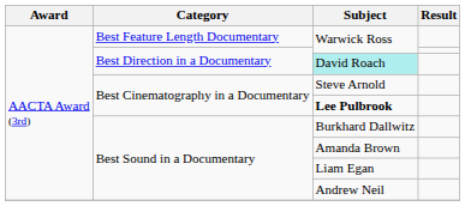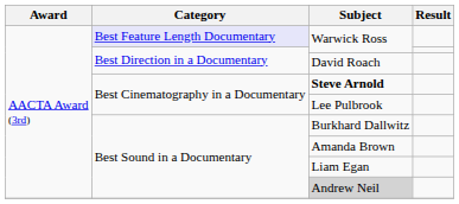 <table class="wikitable">
 <tr>
 <th>Award</th>
 <th>Category</th>
 <th>Subject</th>
 <th>Result</th>
 </tr>
 <tr>
 <td rowspan=9><a href='#'>AACTA Award</a><br><small>(<a href='#'>3rd</a>)</small></td>
-<td><a href='#'>Best Feature Length Documentary</a></td>
+<td style="background: lavender;"><a href='#'>Best Feature Length Documentary</a></td>
 <td rowspan=2>Warwick Ross</td>
 <td></td>
 </tr>
 <tr>
 <td rowspan=2><a href='#'>Best Direction in a Documentary</a></td>
 <td></td>
 </tr>
 <tr>
-<td style="background: paleturquoise;">David Roach</td>
+<td>David Roach</td>
 <td></td>
 </tr>
 <tr>
 <td rowspan=2>Best Cinematography in a Documentary</td>
-<td>Steve Arnold</td>
+<td><strong>Steve Arnold</strong></td>
 <td></td>
 </tr>
 <tr>
-<td><strong>Lee Pulbrook</strong></td>
+<td>Lee Pulbrook</td>
 <td></td>
 </tr>
 <tr>
 <td rowspan=4>Best Sound in a Documentary</td>
 <td>Burkhard Dallwitz</td>
 <td></td>
 </tr>
 <tr>
 <td>Amanda Brown</td>
 <td></td>
 </tr>
 <tr>
 <td>Liam Egan</td>
 <td></td>
 </tr>
 <tr>
-<td>Andrew Neil</td>
+<td style="background: lightgrey;">Andrew Neil</td>
 <td></td>
 </tr>
 <tr>
 </tr>
 </table>
